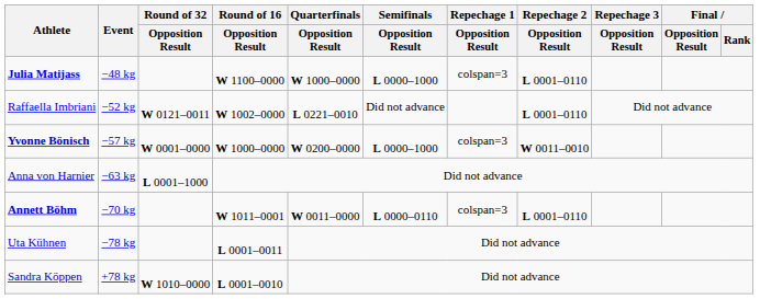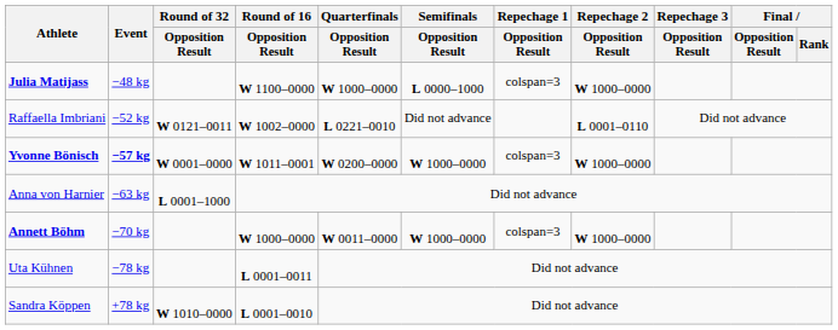 <table class="wikitable" style="font-size:90%">
 <tr>
 <th rowspan="2">Athlete</th>
 <th rowspan="2">Event</th>
 <th>Round of 32</th>
 <th>Round of 16</th>
 <th>Quarterfinals</th>
 <th>Semifinals</th>
 <th>Repechage 1</th>
 <th>Repechage 2</th>
 <th>Repechage 3</th>
 <th colspan=2>Final / </th>
 </tr>
 <tr style="font-size:95%">
 <th>Opposition<br>Result</th>
 <th>Opposition<br>Result</th>
 <th>Opposition<br>Result</th>
 <th>Opposition<br>Result</th>
 <th>Opposition<br>Result</th>
 <th>Opposition<br>Result</th>
 <th>Opposition<br>Result</th>
 <th>Opposition<br>Result</th>
 <th>Rank</th>
 </tr>
 <tr align=center>
 <td align=left><strong><a href='#'>Julia Matijass</a></strong></td>
 <td align=left><a href='#'>−48 kg</a></td>
 <td></td>
 <td><br><strong>W</strong> 1100–0000</td>
 <td><br><strong>W</strong> 1000–0000</td>
 <td><br><strong>L</strong> 0000–1000</td>
 <td>colspan=3 </td>
-<td><br><strong>L</strong> 0001–0110</td>
+<td><br><strong>W</strong> 1000–0000</td>
 <td></td>
 </tr>
 <tr align=center>
 <td align=left><a href='#'>Raffaella Imbriani</a></td>
 <td align=left><a href='#'>−52 kg</a></td>
 <td><br><strong>W</strong> 0121–0011</td>
 <td><br><strong>W</strong> 1002–0000</td>
 <td><br><strong>L</strong> 0221–0010</td>
 <td>Did not advance</td>
 <td></td>
 <td><br><strong>L</strong> 0001–0110</td>
 <td colspan=3>Did not advance</td>
 </tr>
 <tr align=center>
 <td align=left><strong><a href='#'>Yvonne Bönisch</a></strong></td>
-<td align=left><a href='#'>−57 kg</a></td>
+<td align=left><strong><a href='#'>−57 kg</a></strong></td>
 <td><br><strong>W</strong> 0001–0000</td>
+<td><br><strong>W</strong> 1011–0001</td>
+<td><br><strong>W</strong> 0200–0000</td>
 <td><br><strong>W</strong> 1000–0000</td>
-<td><br><strong>W</strong> 0200–0000</td>
-<td><br><strong>L</strong> 0000–1000</td>
 <td>colspan=3 </td>
-<td><br><strong>W</strong> 0011–0010</td>
+<td><br><strong>W</strong> 1000–0000</td>
 <td></td>
 </tr>
 <tr align=center>
 <td align=left><a href='#'>Anna von Harnier</a></td>
 <td align=left><a href='#'>−63 kg</a></td>
 <td><br><strong>L</strong> 0001–1000</td>
 <td colspan=8>Did not advance</td>
 </tr>
 <tr align=center>
 <td align=left><strong><a href='#'>Annett Böhm</a></strong></td>
 <td align=left><a href='#'>−70 kg</a></td>
 <td></td>
-<td><br><strong>W</strong> 1011–0001</td>
+<td><br><strong>W</strong> 1000–0000</td>
 <td><br><strong>W</strong> 0011–0000</td>
-<td><br><strong>L</strong> 0000–0110</td>
+<td><br><strong>W</strong> 1000–0000</td>
 <td>colspan=3 </td>
-<td><br><strong>L</strong> 0001–0110</td>
+<td><br><strong>W</strong> 1000–0000</td>
 <td></td>
 </tr>
 <tr align=center>
 <td align=left><a href='#'>Uta Kühnen</a></td>
 <td align=left><a href='#'>−78 kg</a></td>
 <td></td>
 <td><br><strong>L</strong> 0001–0011</td>
 <td colspan=7>Did not advance</td>
 </tr>
 <tr align=center>
 <td align=left><a href='#'>Sandra Köppen</a></td>
 <td align=left><a href='#'>+78 kg</a></td>
 <td><br><strong>W</strong> 1010–0000</td>
 <td><br><strong>L</strong> 0001–0010</td>
 <td colspan=7>Did not advance</td>
 </tr>
 </table>
